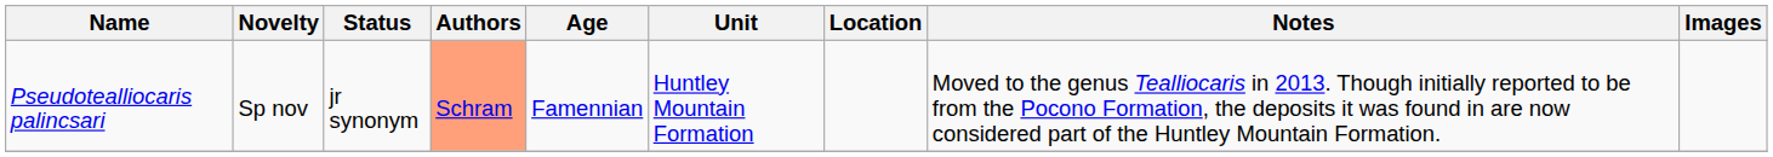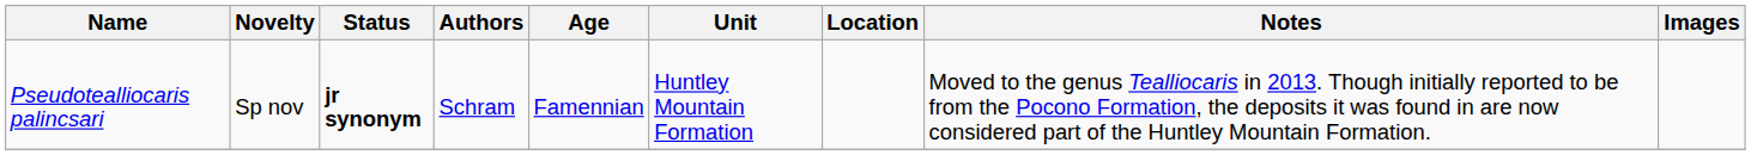 <table class="wikitable sortable" align="center" width="100%">
 <tr>
 <th>Name</th>
 <th>Novelty</th>
 <th>Status</th>
 <th>Authors</th>
 <th>Age</th>
 <th>Unit</th>
 <th>Location</th>
 <th>Notes</th>
 <th>Images</th>
 </tr>
 <tr>
 <td><br><em><a href='#'>Pseudotealliocaris palincsari</a></em></td>
 <td><br>Sp nov</td>
-<td><br>jr synonym</td>
-<td style="background: lightsalmon;"><br><a href='#'>Schram</a></td>
+<td><strong><br>jr synonym</strong></td>
+<td><br><a href='#'>Schram</a></td>
 <td><br><a href='#'>Famennian</a></td>
 <td><br><a href='#'>Huntley Mountain Formation</a></td>
 <td><br><br></td>
 <td><br>Moved to the genus <em><a href='#'>Tealliocaris</a></em> in <a href='#'>2013</a>. Though initially reported to be from the <a href='#'>Pocono Formation</a>, the deposits it was found in are now considered part of the Huntley Mountain Formation.</td>
 <td></td>
 </tr>
 <tr>
 </tr>
 </table>
